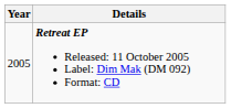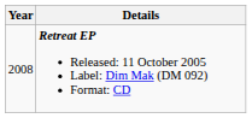 <table class="wikitable">
 <tr>
 <th>Year</th>
 <th width="260">Details</th>
 </tr>
 <tr>
-<td>2005</td>
+<td>2008</td>
 <td><strong><em>Retreat EP</em></strong><br><ul><li>Released: 11 October 2005</li><li>Label: <a href='#'>Dim Mak</a> (DM 092)</li><li>Format: <a href='#'>CD</a></li></ul></td>
 </tr>
 </table>
